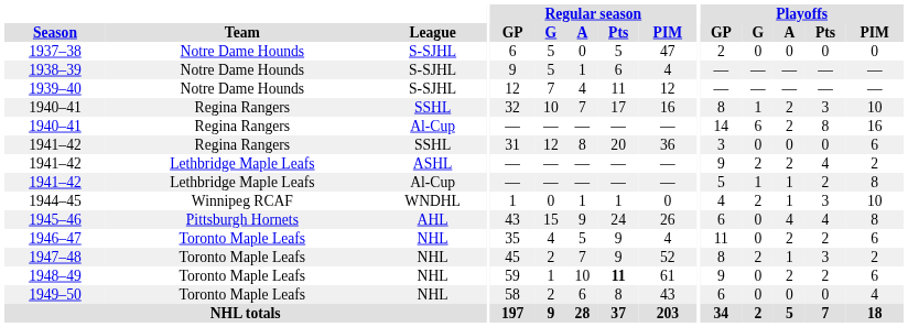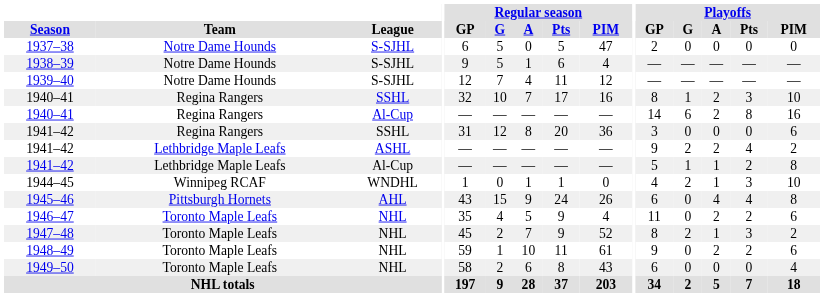 <table border="0" cellpadding="1" cellspacing="0" style="text-align:center; width:60em">
 <tr bgcolor="#e0e0e0">
 <th colspan="3" bgcolor="#ffffff"></th>
 <th rowspan="100" bgcolor="#ffffff"></th>
 <th colspan="5"><a href='#'>Regular season</a></th>
 <th rowspan="100" bgcolor="#ffffff"></th>
 <th colspan="5"><a href='#'>Playoffs</a></th>
 </tr>
 <tr bgcolor="#e0e0e0">
 <th><a href='#'>Season</a></th>
 <th>Team</th>
 <th>League</th>
 <th>GP</th>
 <th><a href='#'>G</a></th>
 <th><a href='#'>A</a></th>
 <th><a href='#'>Pts</a></th>
 <th><a href='#'>PIM</a></th>
 <th>GP</th>
 <th>G</th>
 <th>A</th>
 <th>Pts</th>
 <th>PIM</th>
 </tr>
 <tr>
 <td><a href='#'>1937–38</a></td>
 <td><a href='#'>Notre Dame Hounds</a></td>
 <td><a href='#'>S-SJHL</a></td>
 <td>6</td>
 <td>5</td>
 <td>0</td>
 <td>5</td>
 <td>47</td>
 <td>2</td>
 <td>0</td>
 <td>0</td>
 <td>0</td>
 <td>0</td>
 </tr>
 <tr bgcolor="#f0f0f0">
 <td><a href='#'>1938–39</a></td>
 <td>Notre Dame Hounds</td>
 <td>S-SJHL</td>
 <td>9</td>
 <td>5</td>
 <td>1</td>
 <td>6</td>
 <td>4</td>
 <td>—</td>
 <td>—</td>
 <td>—</td>
 <td>—</td>
 <td>—</td>
 </tr>
 <tr>
 <td><a href='#'>1939–40</a></td>
 <td>Notre Dame Hounds</td>
 <td>S-SJHL</td>
 <td>12</td>
 <td>7</td>
 <td>4</td>
 <td>11</td>
 <td>12</td>
 <td>—</td>
 <td>—</td>
 <td>—</td>
 <td>—</td>
 <td>—</td>
 </tr>
 <tr bgcolor="#f0f0f0">
 <td>1940–41</td>
 <td>Regina Rangers</td>
 <td><a href='#'>SSHL</a></td>
 <td>32</td>
 <td>10</td>
 <td>7</td>
 <td>17</td>
 <td>16</td>
 <td>8</td>
 <td>1</td>
 <td>2</td>
 <td>3</td>
 <td>10</td>
 </tr>
 <tr>
 <td><a href='#'>1940–41</a></td>
 <td>Regina Rangers</td>
 <td><a href='#'>Al-Cup</a></td>
 <td>—</td>
 <td>—</td>
 <td>—</td>
 <td>—</td>
 <td>—</td>
 <td>14</td>
 <td>6</td>
 <td>2</td>
 <td>8</td>
 <td>16</td>
 </tr>
 <tr bgcolor="#f0f0f0">
 <td>1941–42</td>
 <td>Regina Rangers</td>
 <td>SSHL</td>
 <td>31</td>
 <td>12</td>
 <td>8</td>
 <td>20</td>
 <td>36</td>
 <td>3</td>
 <td>0</td>
 <td>0</td>
 <td>0</td>
 <td>6</td>
 </tr>
 <tr>
 <td>1941–42</td>
 <td><a href='#'>Lethbridge Maple Leafs</a></td>
 <td><a href='#'>ASHL</a></td>
 <td>—</td>
 <td>—</td>
 <td>—</td>
 <td>—</td>
 <td>—</td>
 <td>9</td>
 <td>2</td>
 <td>2</td>
 <td>4</td>
 <td>2</td>
 </tr>
 <tr bgcolor="#f0f0f0">
 <td><a href='#'>1941–42</a></td>
 <td>Lethbridge Maple Leafs</td>
 <td>Al-Cup</td>
 <td>—</td>
 <td>—</td>
 <td>—</td>
 <td>—</td>
 <td>—</td>
 <td>5</td>
 <td>1</td>
 <td>1</td>
 <td>2</td>
 <td>8</td>
 </tr>
 <tr>
 <td>1944–45</td>
 <td>Winnipeg RCAF</td>
 <td>WNDHL</td>
 <td>1</td>
 <td>0</td>
 <td>1</td>
 <td>1</td>
 <td>0</td>
 <td>4</td>
 <td>2</td>
 <td>1</td>
 <td>3</td>
 <td>10</td>
 </tr>
 <tr bgcolor="#f0f0f0">
 <td><a href='#'>1945–46</a></td>
 <td><a href='#'>Pittsburgh Hornets</a></td>
 <td><a href='#'>AHL</a></td>
 <td>43</td>
 <td>15</td>
 <td>9</td>
 <td>24</td>
 <td>26</td>
 <td>6</td>
 <td>0</td>
 <td>4</td>
 <td>4</td>
 <td>8</td>
 </tr>
 <tr>
 <td><a href='#'>1946–47</a></td>
 <td><a href='#'>Toronto Maple Leafs</a></td>
 <td><a href='#'>NHL</a></td>
 <td>35</td>
 <td>4</td>
 <td>5</td>
 <td>9</td>
 <td>4</td>
 <td>11</td>
 <td>0</td>
 <td>2</td>
 <td>2</td>
 <td>6</td>
 </tr>
 <tr bgcolor="#f0f0f0">
 <td><a href='#'>1947–48</a></td>
 <td>Toronto Maple Leafs</td>
 <td>NHL</td>
 <td>45</td>
 <td>2</td>
 <td>7</td>
 <td>9</td>
 <td>52</td>
 <td>8</td>
 <td>2</td>
 <td>1</td>
 <td>3</td>
 <td>2</td>
 </tr>
 <tr>
 <td><a href='#'>1948–49</a></td>
 <td>Toronto Maple Leafs</td>
 <td>NHL</td>
 <td>59</td>
 <td>1</td>
 <td>10</td>
-<td><strong>11</strong></td>
+<td>11</td>
 <td>61</td>
 <td>9</td>
 <td>0</td>
 <td>2</td>
 <td>2</td>
 <td>6</td>
 </tr>
 <tr bgcolor="#f0f0f0">
 <td><a href='#'>1949–50</a></td>
 <td>Toronto Maple Leafs</td>
 <td>NHL</td>
 <td>58</td>
 <td>2</td>
 <td>6</td>
 <td>8</td>
 <td>43</td>
 <td>6</td>
 <td>0</td>
 <td>0</td>
 <td>0</td>
 <td>4</td>
 </tr>
 <tr bgcolor="#e0e0e0">
 <th colspan="3">NHL totals</th>
 <th>197</th>
 <th>9</th>
 <th>28</th>
 <th>37</th>
 <th>203</th>
 <th>34</th>
 <th>2</th>
 <th>5</th>
 <th>7</th>
 <th>18</th>
 </tr>
 </table>
